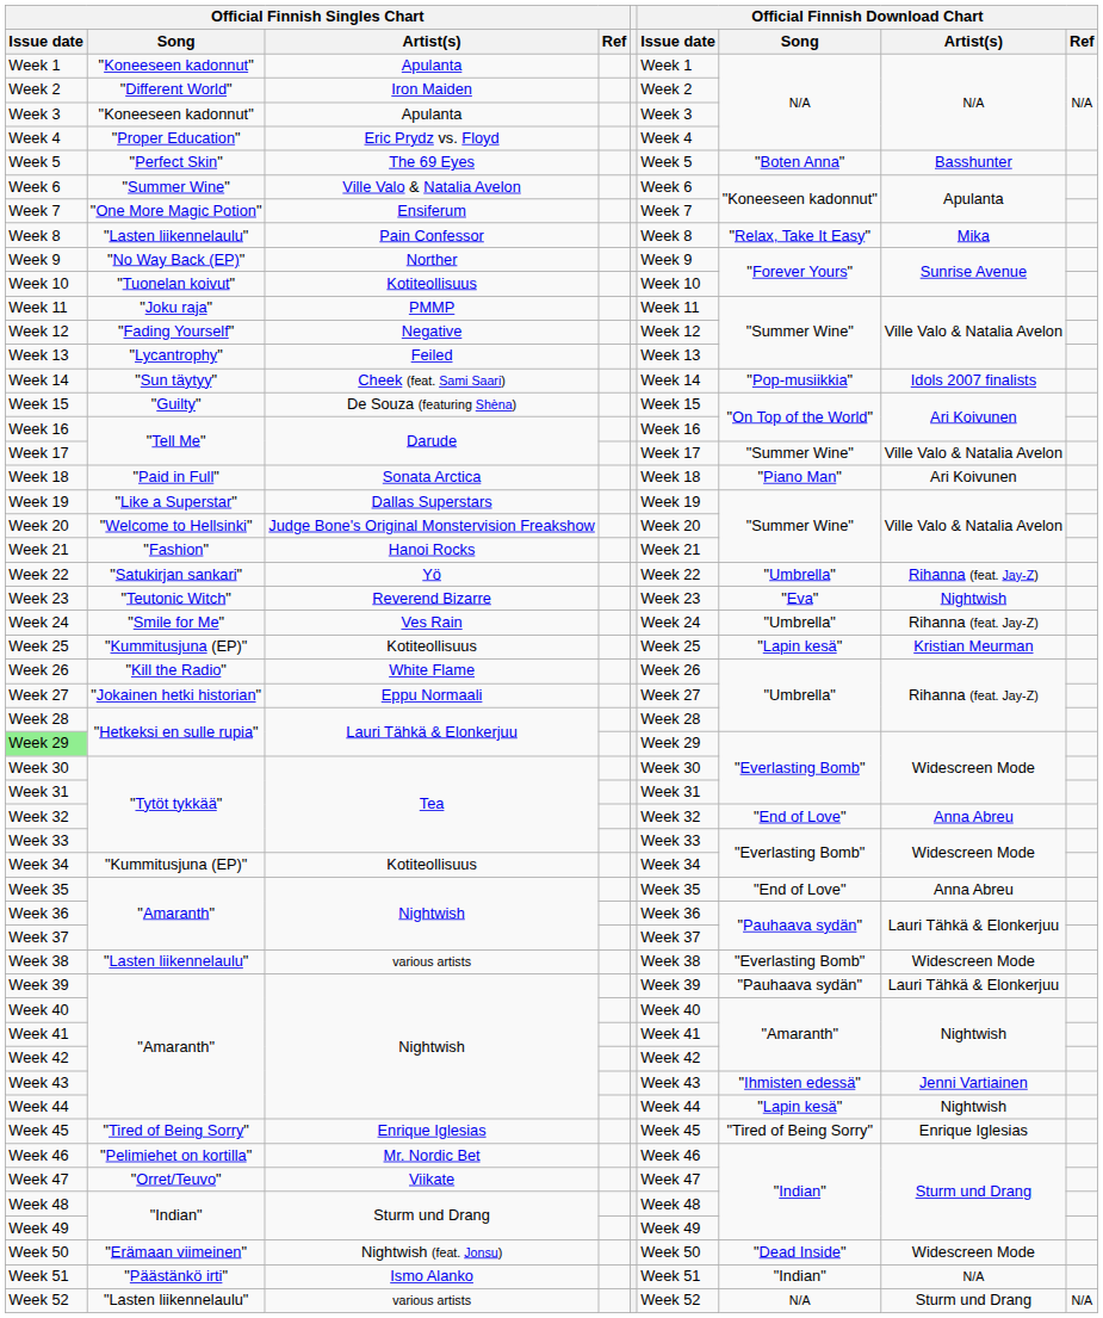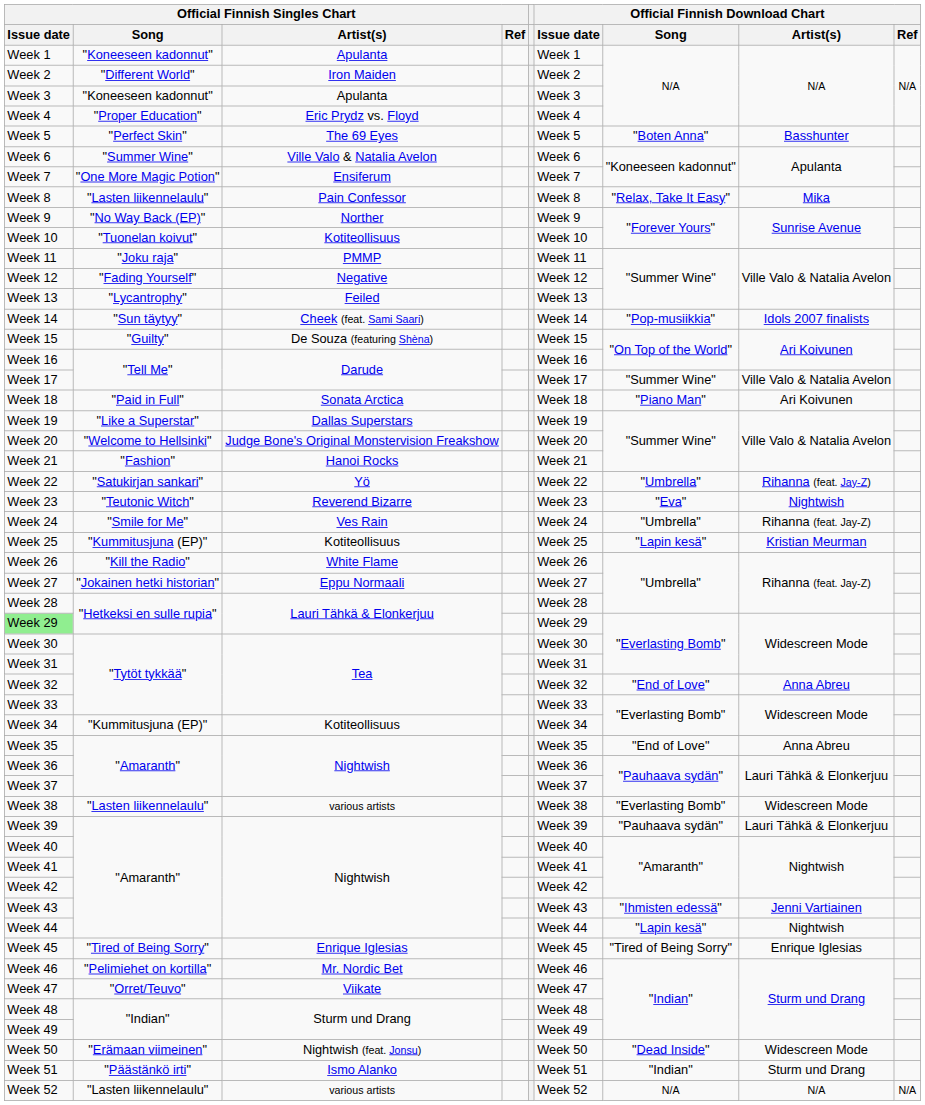 <table class="wikitable">
 <tr>
 <th style="text-align: center;" colspan="4">Official Finnish Singles Chart</th>
 <th style="text-align: center;" colspan="1"></th>
 <th style="text-align: center;" colspan="4">Official Finnish Download Chart</th>
 </tr>
 <tr>
 <th style="text-align: center;">Issue date</th>
 <th style="text-align: center;">Song</th>
 <th style="text-align: center;">Artist(s)</th>
 <th style="text-align: center;">Ref</th>
 <th style="text-align: center;"></th>
 <th style="text-align: center;">Issue date</th>
 <th style="text-align: center;">Song</th>
 <th style="text-align: center;">Artist(s)</th>
 <th style="text-align: center;">Ref</th>
 </tr>
 <tr>
 <td>Week 1</td>
 <td style="text-align: center;">"<a href='#'>Koneeseen kadonnut</a>"</td>
 <td style="text-align: center;"><a href='#'>Apulanta</a></td>
 <td style="text-align: center;"></td>
 <th style="text-align: center;"></th>
 <td style="text-align: left;">Week 1</td>
 <td style="text-align: center;" rowspan="4"><small>N/A</small></td>
 <td style="text-align: center;" rowspan="4"><small>N/A</small></td>
 <td style="text-align: center;" rowspan="4"><small>N/A</small></td>
 </tr>
 <tr>
 <td>Week 2</td>
 <td style="text-align: center;">"<a href='#'>Different World</a>"</td>
 <td style="text-align: center;"><a href='#'>Iron Maiden</a></td>
 <td style="text-align: center;"></td>
 <th style="text-align: center;"></th>
 <td style="text-align: left;">Week 2</td>
 </tr>
 <tr>
 <td>Week 3</td>
 <td style="text-align: center;">"Koneeseen kadonnut"</td>
 <td style="text-align: center;">Apulanta</td>
 <td style="text-align: center;"></td>
 <th style="text-align: center;"></th>
 <td style="text-align: left;">Week 3</td>
 </tr>
 <tr>
 <td>Week 4</td>
 <td style="text-align: center;">"<a href='#'>Proper Education</a>"</td>
 <td style="text-align: center;"><a href='#'>Eric Prydz</a> vs. <a href='#'>Floyd</a></td>
 <td style="text-align: center;"></td>
 <th style="text-align: center;"></th>
 <td style="text-align: left;">Week 4</td>
 </tr>
 <tr>
 <td>Week 5</td>
 <td style="text-align: center;">"<a href='#'>Perfect Skin</a>"</td>
 <td style="text-align: center;"><a href='#'>The 69 Eyes</a></td>
 <td style="text-align: center;"></td>
 <th style="text-align: center;"></th>
 <td style="text-align: left;">Week 5</td>
 <td style="text-align: center;">"<a href='#'>Boten Anna</a>"</td>
 <td style="text-align: center;"><a href='#'>Basshunter</a></td>
 <td style="text-align: center;"></td>
 </tr>
 <tr>
 <td>Week 6</td>
 <td style="text-align: center;">"<a href='#'>Summer Wine</a>"</td>
 <td style="text-align: center;"><a href='#'>Ville Valo</a> & <a href='#'>Natalia Avelon</a></td>
 <td style="text-align: center;"></td>
 <th style="text-align: center;"></th>
 <td style="text-align: left;">Week 6</td>
 <td style="text-align: center;" rowspan="2">"Koneeseen kadonnut"</td>
 <td style="text-align: center;" rowspan="2">Apulanta</td>
 <td style="text-align: center;"></td>
 </tr>
 <tr>
 <td>Week 7</td>
 <td style="text-align: center;">"<a href='#'>One More Magic Potion</a>"</td>
 <td style="text-align: center;"><a href='#'>Ensiferum</a></td>
 <td style="text-align: center;"></td>
 <th style="text-align: center;"></th>
 <td style="text-align: left;">Week 7</td>
 <td style="text-align: center;"></td>
 </tr>
 <tr>
 <td>Week 8</td>
 <td style="text-align: center;">"<a href='#'>Lasten liikennelaulu</a>"</td>
 <td style="text-align: center;"><a href='#'>Pain Confessor</a></td>
 <td style="text-align: center;"></td>
 <th style="text-align: center;"></th>
 <td style="text-align: left;">Week 8</td>
 <td style="text-align: center;">"<a href='#'>Relax, Take It Easy</a>"</td>
 <td style="text-align: center;"><a href='#'>Mika</a></td>
 <td style="text-align: center;"></td>
 </tr>
 <tr>
 <td>Week 9</td>
 <td style="text-align: center;">"<a href='#'>No Way Back (EP)</a>"</td>
 <td style="text-align: center;"><a href='#'>Norther</a></td>
 <td style="text-align: center;"></td>
 <th style="text-align: center;"></th>
 <td style="text-align: left;">Week 9</td>
 <td style="text-align: center;" rowspan="2">"<a href='#'>Forever Yours</a>"</td>
 <td style="text-align: center;" rowspan="2"><a href='#'>Sunrise Avenue</a></td>
 <td style="text-align: center;"></td>
 </tr>
 <tr>
 <td>Week 10</td>
 <td style="text-align: center;">"<a href='#'>Tuonelan koivut</a>"</td>
 <td style="text-align: center;"><a href='#'>Kotiteollisuus</a></td>
 <td style="text-align: center;"></td>
 <th style="text-align: center;"></th>
 <td style="text-align: left;">Week 10</td>
 <td style="text-align: center;"></td>
 </tr>
 <tr>
 <td>Week 11</td>
 <td style="text-align: center;">"<a href='#'>Joku raja</a>"</td>
 <td style="text-align: center;"><a href='#'>PMMP</a></td>
 <td style="text-align: center;"></td>
 <th style="text-align: center;"></th>
 <td style="text-align: left;">Week 11</td>
 <td style="text-align: center;" rowspan="3">"Summer Wine"</td>
 <td style="text-align: center;" rowspan="3">Ville Valo & Natalia Avelon</td>
 <td style="text-align: center;"></td>
 </tr>
 <tr>
 <td>Week 12</td>
 <td style="text-align: center;">"<a href='#'>Fading Yourself</a>"</td>
 <td style="text-align: center;"><a href='#'>Negative</a></td>
 <td style="text-align: center;"></td>
 <th style="text-align: center;"></th>
 <td style="text-align: left;">Week 12</td>
 <td style="text-align: center;"></td>
 </tr>
 <tr>
 <td>Week 13</td>
 <td style="text-align: center;">"<a href='#'>Lycantrophy</a>"</td>
 <td style="text-align: center;"><a href='#'>Feiled</a></td>
 <td style="text-align: center;"></td>
 <th style="text-align: center;"></th>
 <td style="text-align: left;">Week 13</td>
 <td style="text-align: center;"></td>
 </tr>
 <tr>
 <td>Week 14</td>
 <td style="text-align: center;">"<a href='#'>Sun täytyy</a>"</td>
 <td style="text-align: center;"><a href='#'>Cheek</a> <small>(feat. <a href='#'>Sami Saari</a>)</small></td>
 <td style="text-align: center;"></td>
 <th style="text-align: center;"></th>
 <td style="text-align: left;">Week 14</td>
 <td style="text-align: center;">"<a href='#'>Pop-musiikkia</a>"</td>
 <td style="text-align: center;"><a href='#'>Idols 2007 finalists</a></td>
 <td style="text-align: center;"></td>
 </tr>
 <tr>
 <td>Week 15</td>
 <td style="text-align: center;">"<a href='#'>Guilty</a>"</td>
 <td style="text-align: center;">De Souza <small>(featuring <a href='#'>Shèna</a>)</small></td>
 <td style="text-align: center;"></td>
 <th style="text-align: center;"></th>
 <td style="text-align: left;">Week 15</td>
 <td style="text-align: center;" rowspan="2">"<a href='#'>On Top of the World</a>"</td>
 <td style="text-align: center;" rowspan="2"><a href='#'>Ari Koivunen</a></td>
 <td style="text-align: center;"></td>
 </tr>
 <tr>
 <td>Week 16</td>
 <td style="text-align: center;" rowspan="2">"<a href='#'>Tell Me</a>"</td>
 <td style="text-align: center;" rowspan="2"><a href='#'>Darude</a></td>
 <td style="text-align: center;"></td>
 <th style="text-align: center;"></th>
 <td style="text-align: left;">Week 16</td>
 <td style="text-align: center;"></td>
 </tr>
 <tr>
 <td>Week 17</td>
 <td style="text-align: center;"></td>
 <th style="text-align: center;"></th>
 <td style="text-align: left;">Week 17</td>
 <td style="text-align: center;">"Summer Wine"</td>
 <td style="text-align: center;">Ville Valo & Natalia Avelon</td>
 <td style="text-align: center;"></td>
 </tr>
 <tr>
 <td>Week 18</td>
 <td style="text-align: center;">"<a href='#'>Paid in Full</a>"</td>
 <td style="text-align: center;"><a href='#'>Sonata Arctica</a></td>
 <td style="text-align: center;"></td>
 <th style="text-align: center;"></th>
 <td style="text-align: left;">Week 18</td>
 <td style="text-align: center;">"<a href='#'>Piano Man</a>"</td>
 <td style="text-align: center;">Ari Koivunen</td>
 <td style="text-align: center;"></td>
 </tr>
 <tr>
 <td>Week 19</td>
 <td style="text-align: center;">"<a href='#'>Like a Superstar</a>"</td>
 <td style="text-align: center;"><a href='#'>Dallas Superstars</a></td>
 <td style="text-align: center;"></td>
 <th style="text-align: center;"></th>
 <td style="text-align: left;">Week 19</td>
 <td style="text-align: center;" rowspan="3">"Summer Wine"</td>
 <td style="text-align: center;" rowspan="3">Ville Valo & Natalia Avelon</td>
 <td style="text-align: center;"></td>
 </tr>
 <tr>
 <td>Week 20</td>
 <td style="text-align: center;">"<a href='#'>Welcome to Hellsinki</a>"</td>
 <td style="text-align: center;"><a href='#'>Judge Bone's Original Monstervision Freakshow</a></td>
 <td style="text-align: center;"></td>
 <th style="text-align: center;"></th>
 <td style="text-align: left;">Week 20</td>
 <td style="text-align: center;"></td>
 </tr>
 <tr>
 <td>Week 21</td>
 <td style="text-align: center;">"<a href='#'>Fashion</a>"</td>
 <td style="text-align: center;"><a href='#'>Hanoi Rocks</a></td>
 <td style="text-align: center;"></td>
 <th style="text-align: center;"></th>
 <td style="text-align: left;">Week 21</td>
 <td style="text-align: center;"></td>
 </tr>
 <tr>
 <td>Week 22</td>
 <td style="text-align: center;">"<a href='#'>Satukirjan sankari</a>"</td>
 <td style="text-align: center;"><a href='#'>Yö</a></td>
 <td style="text-align: center;"></td>
 <th style="text-align: center;"></th>
 <td style="text-align: left;">Week 22</td>
 <td style="text-align: center;">"<a href='#'>Umbrella</a>"</td>
 <td style="text-align: center;"><a href='#'>Rihanna</a> <small>(feat. <a href='#'>Jay-Z</a>)</small></td>
 <td style="text-align: center;"></td>
 </tr>
 <tr>
 <td>Week 23</td>
 <td style="text-align: center;">"<a href='#'>Teutonic Witch</a>"</td>
 <td style="text-align: center;"><a href='#'>Reverend Bizarre</a></td>
 <td style="text-align: center;"></td>
 <th style="text-align: center;"></th>
 <td style="text-align: left;">Week 23</td>
 <td style="text-align: center;">"<a href='#'>Eva</a>"</td>
 <td style="text-align: center;"><a href='#'>Nightwish</a></td>
 <td style="text-align: center;"></td>
 </tr>
 <tr>
 <td>Week 24</td>
 <td style="text-align: center;">"<a href='#'>Smile for Me</a>"</td>
 <td style="text-align: center;"><a href='#'>Ves Rain</a></td>
 <td style="text-align: center;"></td>
 <th style="text-align: center;"></th>
 <td style="text-align: left;">Week 24</td>
 <td style="text-align: center;">"Umbrella"</td>
 <td style="text-align: center;">Rihanna <small>(feat. Jay-Z)</small></td>
 <td style="text-align: center;"></td>
 </tr>
 <tr>
 <td>Week 25</td>
 <td style="text-align: center;">"<a href='#'>Kummitusjuna</a> (EP)"</td>
 <td style="text-align: center;">Kotiteollisuus</td>
 <td style="text-align: center;"></td>
 <th style="text-align: center;"></th>
 <td style="text-align: left;">Week 25</td>
 <td style="text-align: center;">"<a href='#'>Lapin kesä</a>"</td>
 <td style="text-align: center;"><a href='#'>Kristian Meurman</a></td>
 <td style="text-align: center;"></td>
 </tr>
 <tr>
 <td>Week 26</td>
 <td style="text-align: center;">"<a href='#'>Kill the Radio</a>"</td>
 <td style="text-align: center;"><a href='#'>White Flame</a></td>
 <td style="text-align: center;"></td>
 <th style="text-align: center;"></th>
 <td style="text-align: left;">Week 26</td>
 <td style="text-align: center;" rowspan="3">"Umbrella"</td>
 <td style="text-align: center;" rowspan="3">Rihanna <small>(feat. Jay-Z)</small></td>
 <td style="text-align: center;"></td>
 </tr>
 <tr>
 <td>Week 27</td>
 <td style="text-align: center;">"<a href='#'>Jokainen hetki historian</a>"</td>
 <td style="text-align: center;"><a href='#'>Eppu Normaali</a></td>
 <td style="text-align: center;"></td>
 <th style="text-align: center;"></th>
 <td style="text-align: left;">Week 27</td>
 <td style="text-align: center;"></td>
 </tr>
 <tr>
 <td>Week 28</td>
 <td style="text-align: center;" rowspan="2">"<a href='#'>Hetkeksi en sulle rupia</a>"</td>
 <td style="text-align: center;" rowspan="2"><a href='#'>Lauri Tähkä & Elonkerjuu</a></td>
 <td style="text-align: center;"></td>
 <th style="text-align: center;"></th>
 <td style="text-align: left;">Week 28</td>
 <td style="text-align: center;"></td>
 </tr>
 <tr>
 <td style="background: lightgreen;">Week 29</td>
 <td style="text-align: center;"></td>
 <th style="text-align: center;"></th>
 <td style="text-align: left;">Week 29</td>
 <td style="text-align: center;" rowspan="3">"<a href='#'>Everlasting Bomb</a>"</td>
 <td style="text-align: center;" rowspan="3">Widescreen Mode</td>
 <td style="text-align: center;"></td>
 </tr>
 <tr>
 <td>Week 30</td>
 <td style="text-align: center;" rowspan="4">"<a href='#'>Tytöt tykkää</a>"</td>
 <td style="text-align: center;" rowspan="4"><a href='#'>Tea</a></td>
 <td style="text-align: center;"></td>
 <th style="text-align: center;"></th>
 <td style="text-align: left;">Week 30</td>
 <td style="text-align: center;"></td>
 </tr>
 <tr>
 <td>Week 31</td>
 <td style="text-align: center;"></td>
 <th style="text-align: center;"></th>
 <td style="text-align: left;">Week 31</td>
 <td style="text-align: center;"></td>
 </tr>
 <tr>
 <td>Week 32</td>
 <td style="text-align: center;"></td>
 <th style="text-align: center;"></th>
 <td style="text-align: left;">Week 32</td>
 <td style="text-align: center;">"<a href='#'>End of Love</a>"</td>
 <td style="text-align: center;"><a href='#'>Anna Abreu</a></td>
 <td style="text-align: center;"></td>
 </tr>
 <tr>
 <td>Week 33</td>
 <td style="text-align: center;"></td>
 <th style="text-align: center;"></th>
 <td style="text-align: left;">Week 33</td>
 <td style="text-align: center;" rowspan="2">"Everlasting Bomb"</td>
 <td style="text-align: center;" rowspan="2">Widescreen Mode</td>
 <td style="text-align: center;"></td>
 </tr>
 <tr>
 <td>Week 34</td>
 <td style="text-align: center;">"Kummitusjuna (EP)"</td>
 <td style="text-align: center;">Kotiteollisuus</td>
 <td style="text-align: center;"></td>
 <th style="text-align: center;"></th>
 <td style="text-align: left;">Week 34</td>
 <td style="text-align: center;"></td>
 </tr>
 <tr>
 <td>Week 35</td>
 <td style="text-align: center;" rowspan="3">"<a href='#'>Amaranth</a>"</td>
 <td style="text-align: center;" rowspan="3"><a href='#'>Nightwish</a></td>
 <td style="text-align: center;"></td>
 <th style="text-align: center;"></th>
 <td style="text-align: left;">Week 35</td>
 <td style="text-align: center;">"End of Love"</td>
 <td style="text-align: center;">Anna Abreu</td>
 <td style="text-align: center;"></td>
 </tr>
 <tr>
 <td>Week 36</td>
 <td style="text-align: center;"></td>
 <th style="text-align: center;"></th>
 <td style="text-align: left;">Week 36</td>
 <td style="text-align: center;" rowspan="2">"<a href='#'>Pauhaava sydän</a>"</td>
 <td style="text-align: center;" rowspan="2">Lauri Tähkä & Elonkerjuu</td>
 <td style="text-align: center;"></td>
 </tr>
 <tr>
 <td>Week 37</td>
 <td style="text-align: center;"></td>
 <th style="text-align: center;"></th>
 <td style="text-align: left;">Week 37</td>
 <td style="text-align: center;"></td>
 </tr>
 <tr>
 <td>Week 38</td>
 <td style="text-align: center;">"<a href='#'>Lasten liikennelaulu</a>"</td>
 <td style="text-align: center;"><small>various artists</small></td>
 <td style="text-align: center;"></td>
 <th style="text-align: center;"></th>
 <td style="text-align: left;">Week 38</td>
 <td style="text-align: center;">"Everlasting Bomb"</td>
 <td style="text-align: center;">Widescreen Mode</td>
 <td style="text-align: center;"></td>
 </tr>
 <tr>
 <td>Week 39</td>
 <td style="text-align: center;" rowspan="6">"Amaranth"</td>
 <td style="text-align: center;" rowspan="6">Nightwish</td>
 <td style="text-align: center;"></td>
 <th style="text-align: center;"></th>
 <td style="text-align: left;">Week 39</td>
 <td style="text-align: center;">"Pauhaava sydän"</td>
 <td style="text-align: center;">Lauri Tähkä & Elonkerjuu</td>
 <td style="text-align: center;"></td>
 </tr>
 <tr>
 <td>Week 40</td>
 <td style="text-align: center;"></td>
 <th style="text-align: center;"></th>
 <td style="text-align: left;">Week 40</td>
 <td style="text-align: center;" rowspan="3">"Amaranth"</td>
 <td style="text-align: center;" rowspan="3">Nightwish</td>
 <td style="text-align: center;"></td>
 </tr>
 <tr>
 <td>Week 41</td>
 <td style="text-align: center;"></td>
 <th style="text-align: center;"></th>
 <td style="text-align: left;">Week 41</td>
 <td style="text-align: center;"></td>
 </tr>
 <tr>
 <td>Week 42</td>
 <td style="text-align: center;"></td>
 <th style="text-align: center;"></th>
 <td style="text-align: left;">Week 42</td>
 <td style="text-align: center;"></td>
 </tr>
 <tr>
 <td>Week 43</td>
 <td style="text-align: center;"></td>
 <th style="text-align: center;"></th>
 <td style="text-align: left;">Week 43</td>
 <td style="text-align: center;">"<a href='#'>Ihmisten edessä</a>"</td>
 <td style="text-align: center;"><a href='#'>Jenni Vartiainen</a></td>
 <td style="text-align: center;"></td>
 </tr>
 <tr>
 <td>Week 44</td>
 <td style="text-align: center;"></td>
 <th style="text-align: center;"></th>
 <td style="text-align: left;">Week 44</td>
 <td style="text-align: center;">"<a href='#'>Lapin kesä</a>"</td>
 <td style="text-align: center;">Nightwish</td>
 <td style="text-align: center;"></td>
 </tr>
 <tr>
 <td>Week 45</td>
 <td style="text-align: center;">"<a href='#'>Tired of Being Sorry</a>"</td>
 <td style="text-align: center;"><a href='#'>Enrique Iglesias</a></td>
 <td style="text-align: center;"></td>
 <th style="text-align: center;"></th>
 <td style="text-align: left;">Week 45</td>
 <td style="text-align: center;">"Tired of Being Sorry"</td>
 <td style="text-align: center;">Enrique Iglesias</td>
 <td style="text-align: center;"></td>
 </tr>
 <tr>
 <td>Week 46</td>
 <td style="text-align: center;">"<a href='#'>Pelimiehet on kortilla</a>"</td>
 <td style="text-align: center;"><a href='#'>Mr. Nordic Bet</a></td>
 <td style="text-align: center;"></td>
 <th style="text-align: center;"></th>
 <td style="text-align: left;">Week 46</td>
 <td style="text-align: center;" rowspan="4">"<a href='#'>Indian</a>"</td>
 <td style="text-align: center;" rowspan="4"><a href='#'>Sturm und Drang</a></td>
 <td style="text-align: center;"></td>
 </tr>
 <tr>
 <td>Week 47</td>
 <td style="text-align: center;">"<a href='#'>Orret/Teuvo</a>"</td>
 <td style="text-align: center;"><a href='#'>Viikate</a></td>
 <td style="text-align: center;"></td>
 <th style="text-align: center;"></th>
 <td style="text-align: left;">Week 47</td>
 <td style="text-align: center;"></td>
 </tr>
 <tr>
 <td>Week 48</td>
 <td style="text-align: center;" rowspan="2">"Indian"</td>
 <td style="text-align: center;" rowspan="2">Sturm und Drang</td>
 <td style="text-align: center;"></td>
 <th style="text-align: center;"></th>
 <td style="text-align: left;">Week 48</td>
 <td style="text-align: center;"></td>
 </tr>
 <tr>
 <td>Week 49</td>
 <td style="text-align: center;"></td>
 <th style="text-align: center;"></th>
 <td style="text-align: left;">Week 49</td>
 <td style="text-align: center;"></td>
 </tr>
 <tr>
 <td>Week 50</td>
 <td style="text-align: center;">"<a href='#'>Erämaan viimeinen</a>"</td>
 <td style="text-align: center;">Nightwish <small>(feat. <a href='#'>Jonsu</a>)</small></td>
 <td style="text-align: center;"></td>
 <th style="text-align: center;"></th>
 <td style="text-align: left;">Week 50</td>
 <td style="text-align: center;">"<a href='#'>Dead Inside</a>"</td>
 <td style="text-align: center;">Widescreen Mode</td>
 <td style="text-align: center;"></td>
 </tr>
 <tr>
 <td>Week 51</td>
 <td style="text-align: center;">"<a href='#'>Päästänkö irti</a>"</td>
 <td style="text-align: center;"><a href='#'>Ismo Alanko</a></td>
 <td style="text-align: center;"></td>
 <th style="text-align: center;"></th>
 <td style="text-align: left;">Week 51</td>
 <td style="text-align: center;">"Indian"</td>
-<td style="text-align: center;"><small>N/A</small></td>
+<td style="text-align: center;">Sturm und Drang</td>
 <td style="text-align: center;"></td>
 </tr>
 <tr>
 <td>Week 52</td>
 <td style="text-align: center;">"Lasten liikennelaulu"</td>
 <td style="text-align: center;"><small>various artists</small></td>
 <td style="text-align: center;"></td>
 <th style="text-align: center;"></th>
 <td style="text-align: left;">Week 52</td>
 <td style="text-align: center;"><small>N/A</small></td>
-<td style="text-align: center;">Sturm und Drang</td>
+<td style="text-align: center;"><small>N/A</small></td>
 <td style="text-align: center;"><small>N/A</small></td>
 </tr>
 </table>
